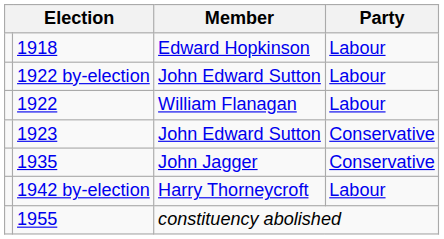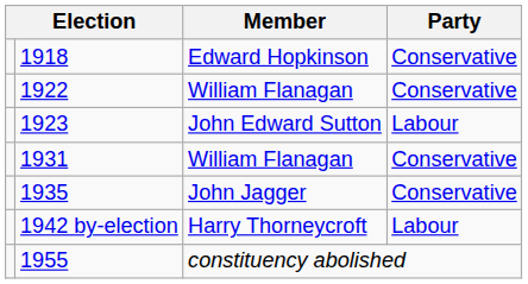 <table class="wikitable">
 <tr>
 <th colspan="2">Election</th>
 <th>Member</th>
 <th>Party</th>
 </tr>
 <tr>
 <td style="color:inherit;background-color: "></td>
 <td><a href='#'>1918</a></td>
 <td><a href='#'>Edward Hopkinson</a></td>
-<td><a href='#'>Labour</a></td>
+<td><a href='#'>Conservative</a></td>
 </tr>
 <tr>
 <td style="color:inherit;background-color: "></td>
-<td><a href='#'>1922 by-election</a></td>
+<td><a href='#'>1922</a></td>
+<td><a href='#'>William Flanagan</a></td>
+<td><a href='#'>Conservative</a></td>
+</tr>
+<tr>
+<td style="color:inherit;background-color: "></td>
+<td><a href='#'>1923</a></td>
 <td><a href='#'>John Edward Sutton</a></td>
 <td><a href='#'>Labour</a></td>
 </tr>
 <tr>
 <td style="color:inherit;background-color: "></td>
-<td><a href='#'>1922</a></td>
+<td><a href='#'>1931</a></td>
 <td><a href='#'>William Flanagan</a></td>
-<td><a href='#'>Labour</a></td>
-</tr>
-<tr>
-<td style="color:inherit;background-color: "></td>
-<td><a href='#'>1923</a></td>
-<td><a href='#'>John Edward Sutton</a></td>
 <td><a href='#'>Conservative</a></td>
 </tr>
 <tr>
 <td style="color:inherit;background-color: "></td>
 <td><a href='#'>1935</a></td>
 <td><a href='#'>John Jagger</a></td>
 <td><a href='#'>Conservative</a></td>
 </tr>
 <tr>
 <td style="color:inherit;background-color: "></td>
 <td><a href='#'>1942 by-election</a></td>
 <td><a href='#'>Harry Thorneycroft</a></td>
 <td><a href='#'>Labour</a></td>
 </tr>
 <tr>
 <td></td>
 <td><a href='#'>1955</a></td>
 <td colspan="2"><em>constituency abolished</em></td>
 </tr>
 </table>
